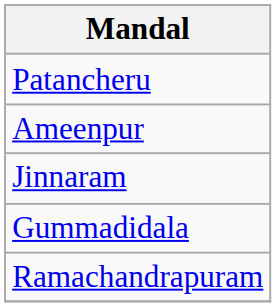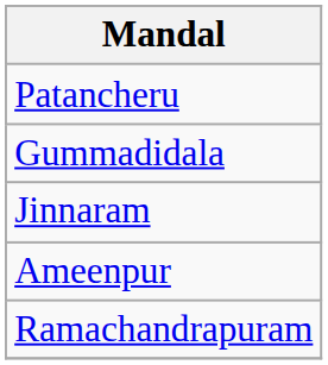 <table class="wikitable sortable static-row-numbers static-row-header-hash">
 <tr>
 <th>Mandal</th>
 </tr>
 <tr>
 <td><a href='#'>Patancheru</a></td>
 </tr>
 <tr>
-<td><a href='#'>Ameenpur</a></td>
+<td><a href='#'>Gummadidala</a></td>
 </tr>
 <tr>
 <td><a href='#'>Jinnaram</a></td>
 </tr>
 <tr>
-<td><a href='#'>Gummadidala</a></td>
+<td><a href='#'>Ameenpur</a></td>
 </tr>
 <tr>
 <td><a href='#'>Ramachandrapuram</a></td>
 </tr>
 <tr>
 </tr>
 </table>
